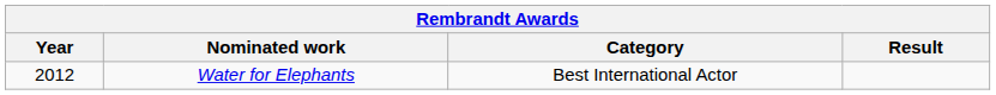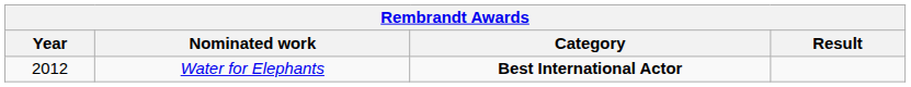 <table width="100%" class="wikitable">
 <tr>
 <th colspan="4" align="center"><strong><a href='#'>Rembrandt Awards</a></strong></th>
 </tr>
 <tr>
 <th width="10%">Year</th>
 <th width="35%">Nominated work</th>
 <th width="40%">Category</th>
 <th width="15%">Result</th>
 </tr>
 <tr>
 <td rowspan="4" style="text-align:center;">2012</td>
 <td rowspan="4" style="text-align:center;"><em><a href='#'>Water for Elephants</a></em></td>
-<td style="text-align:center;">Best International Actor</td>
+<td style="text-align:center;"><strong>Best International Actor</strong></td>
 <td></td>
 </tr>
 </table>
